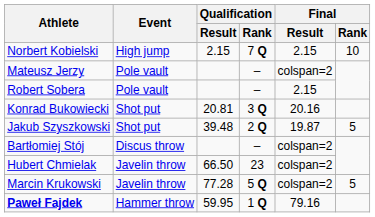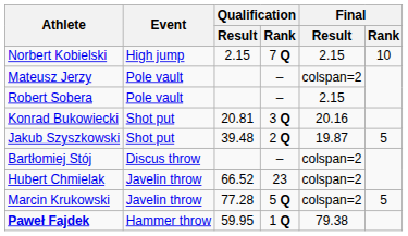 <table class=wikitable style="font-size:90%">
 <tr>
 <th rowspan="2">Athlete</th>
 <th rowspan="2">Event</th>
 <th colspan="2">Qualification</th>
 <th colspan="2">Final</th>
 </tr>
 <tr>
 <th>Result</th>
 <th>Rank</th>
 <th>Result</th>
 <th>Rank</th>
 </tr>
 <tr style=text-align:center>
 <td style=text-align:left><a href='#'>Norbert Kobielski</a></td>
 <td style=text-align:left><a href='#'>High jump</a></td>
 <td>2.15</td>
 <td>7 <strong>Q</strong></td>
 <td>2.15</td>
 <td>10</td>
 </tr>
 <tr style=text-align:center>
 <td style=text-align:left><a href='#'>Mateusz Jerzy</a></td>
 <td style=text-align:left><a href='#'>Pole vault</a></td>
 <td></td>
 <td>–</td>
 <td>colspan=2 </td>
 </tr>
 <tr style=text-align:center>
 <td style=text-align:left><a href='#'>Robert Sobera</a></td>
 <td style=text-align:left><a href='#'>Pole vault</a></td>
 <td></td>
 <td>–</td>
 <td>2.15</td>
 </tr>
 <tr style=text-align:center>
 <td style=text-align:left><a href='#'>Konrad Bukowiecki</a></td>
 <td style=text-align:left><a href='#'>Shot put</a></td>
 <td>20.81</td>
 <td>3 <strong>Q</strong></td>
 <td>20.16</td>
 <td></td>
 </tr>
 <tr style=text-align:center>
 <td style=text-align:left><a href='#'>Jakub Szyszkowski</a></td>
 <td style=text-align:left><a href='#'>Shot put</a></td>
 <td>39.48</td>
 <td>2 <strong>Q</strong></td>
 <td>19.87</td>
 <td>5</td>
 </tr>
 <tr style=text-align:center>
 <td style=text-align:left><a href='#'>Bartłomiej Stój</a></td>
 <td style=text-align:left><a href='#'>Discus throw</a></td>
 <td></td>
 <td>–</td>
 <td>colspan=2 </td>
 </tr>
 <tr style=text-align:center>
 <td style=text-align:left><a href='#'>Hubert Chmielak</a></td>
 <td style=text-align:left><a href='#'>Javelin throw</a></td>
-<td>66.50</td>
+<td>66.52</td>
 <td>23</td>
 <td>colspan=2 </td>
 </tr>
 <tr style=text-align:center>
 <td style=text-align:left><a href='#'>Marcin Krukowski</a></td>
 <td style=text-align:left><a href='#'>Javelin throw</a></td>
 <td>77.28</td>
 <td>5 <strong>Q</strong></td>
 <td>colspan=2 </td>
 <td>5</td>
 </tr>
 <tr style=text-align:center>
 <td style=text-align:left><strong><a href='#'>Paweł Fajdek</a></strong></td>
 <td style=text-align:left><a href='#'>Hammer throw</a></td>
 <td>59.95</td>
 <td>1 <strong>Q</strong></td>
-<td>79.16</td>
+<td>79.38</td>
 <td></td>
 </tr>
 </table>
